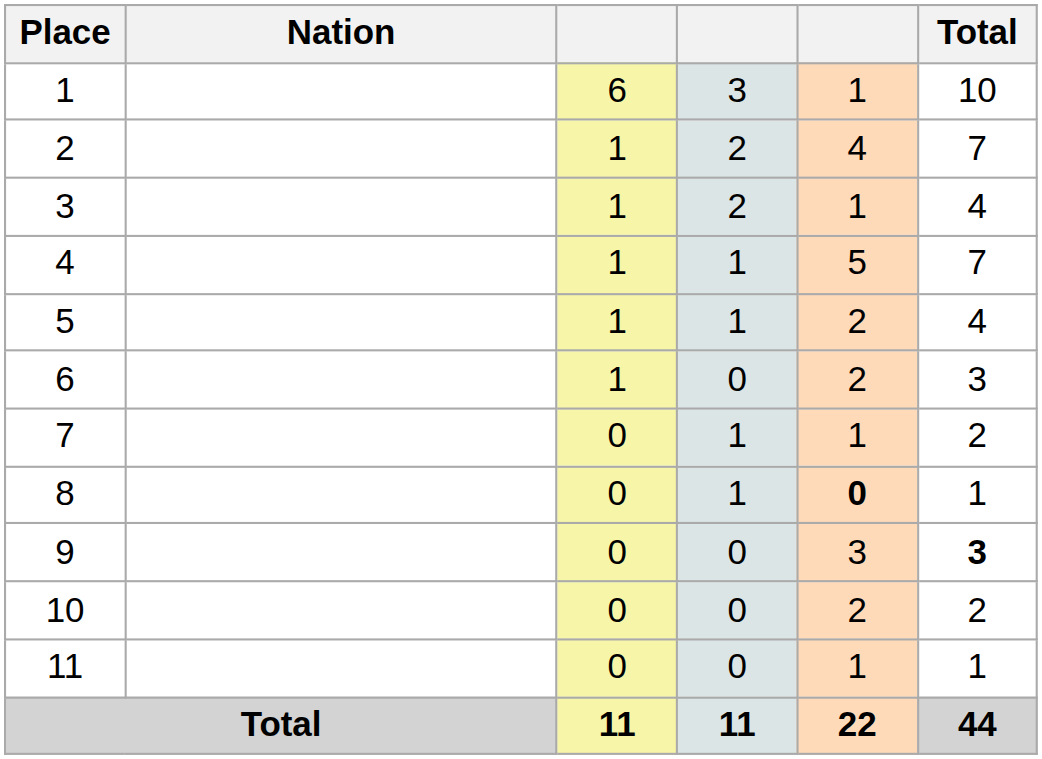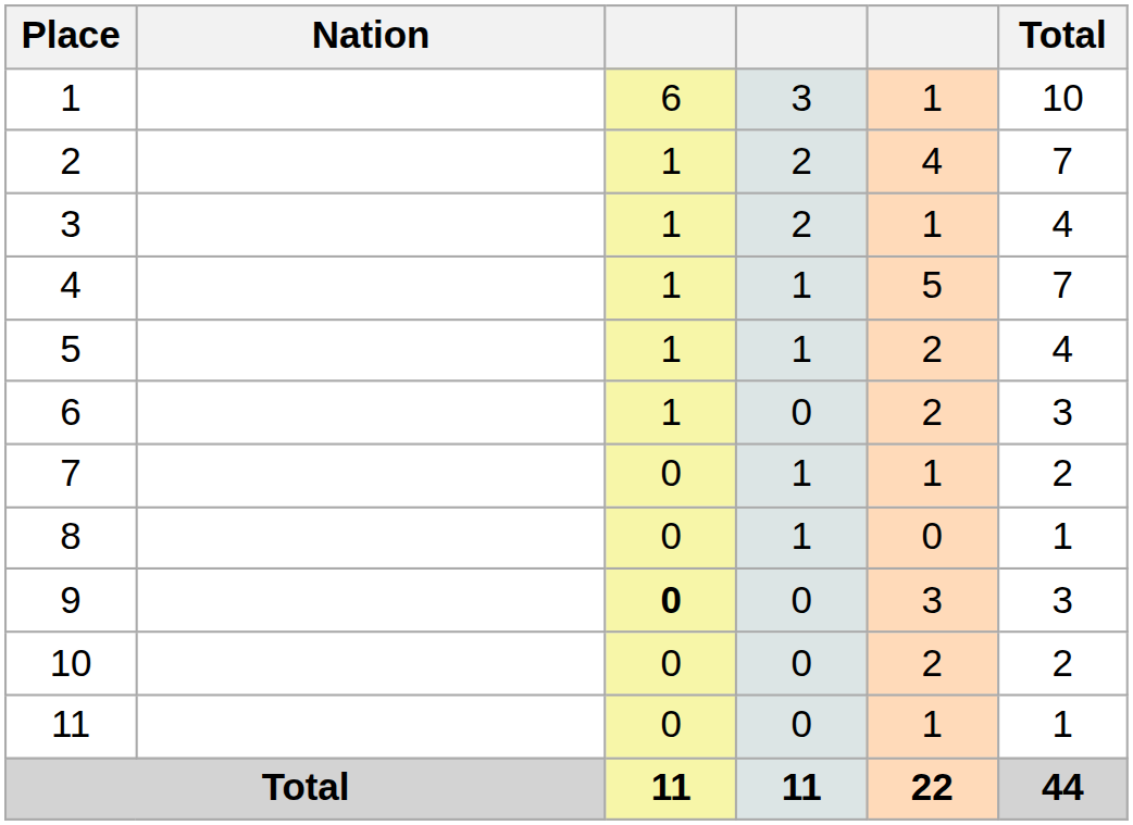 <table class=wikitable style="border:1px solid #AAAAAA;font-size:105%">
 <tr bgcolor="#EFEFEF">
 <th width=50>Place</th>
 <th width=200>Nation</th>
 <th width=50></th>
 <th width=50></th>
 <th width=50></th>
 <th width=50>Total</th>
 </tr>
 <tr align="center" valign="top" bgcolor="#FFFFFF">
 <td>1</td>
 <td align="left"></td>
 <td style="background:#F7F6A8;">6</td>
 <td style="background:#DCE5E5;">3</td>
 <td style="background:#FFDAB9;">1</td>
 <td>10</td>
 </tr>
 <tr align="center" valign="top" bgcolor="#FFFFFF">
 <td>2</td>
 <td align="left"></td>
 <td style="background:#F7F6A8;">1</td>
 <td style="background:#DCE5E5;">2</td>
 <td style="background:#FFDAB9;">4</td>
 <td>7</td>
 </tr>
 <tr align="center" valign="top" bgcolor="#FFFFFF">
 <td>3</td>
 <td align="left"></td>
 <td style="background:#F7F6A8;">1</td>
 <td style="background:#DCE5E5;">2</td>
 <td style="background:#FFDAB9;">1</td>
 <td>4</td>
 </tr>
 <tr align="center" valign="top" bgcolor="#FFFFFF">
 <td>4</td>
 <td align="left"></td>
 <td style="background:#F7F6A8;">1</td>
 <td style="background:#DCE5E5;">1</td>
 <td style="background:#FFDAB9;">5</td>
 <td>7</td>
 </tr>
 <tr align="center" valign="top" bgcolor="#FFFFFF">
 <td>5</td>
 <td align="left"></td>
 <td style="background:#F7F6A8;">1</td>
 <td style="background:#DCE5E5;">1</td>
 <td style="background:#FFDAB9;">2</td>
 <td>4</td>
 </tr>
 <tr align="center" valign="top" bgcolor="#FFFFFF">
 <td>6</td>
 <td align="left"></td>
 <td style="background:#F7F6A8;">1</td>
 <td style="background:#DCE5E5;">0</td>
 <td style="background:#FFDAB9;">2</td>
 <td>3</td>
 </tr>
 <tr align="center" valign="top" bgcolor="#FFFFFF">
 <td>7</td>
 <td align="left"></td>
 <td style="background:#F7F6A8;">0</td>
 <td style="background:#DCE5E5;">1</td>
 <td style="background:#FFDAB9;">1</td>
 <td>2</td>
 </tr>
 <tr align="center" valign="top" bgcolor="#FFFFFF">
 <td>8</td>
 <td align="left"></td>
 <td style="background:#F7F6A8;">0</td>
 <td style="background:#DCE5E5;">1</td>
-<td style="background:#FFDAB9;"><strong>0</strong></td>
+<td style="background:#FFDAB9;">0</td>
 <td>1</td>
 </tr>
 <tr align="center" valign="top" bgcolor="#FFFFFF">
 <td>9</td>
 <td align="left"></td>
-<td style="background:#F7F6A8;">0</td>
+<td style="background:#F7F6A8;"><strong>0</strong></td>
 <td style="background:#DCE5E5;">0</td>
 <td style="background:#FFDAB9;">3</td>
-<td><strong>3</strong></td>
+<td>3</td>
 </tr>
 <tr align="center" valign="top" bgcolor="#FFFFFF">
 <td>10</td>
 <td align="left"></td>
 <td style="background:#F7F6A8;">0</td>
 <td style="background:#DCE5E5;">0</td>
 <td style="background:#FFDAB9;">2</td>
 <td>2</td>
 </tr>
 <tr align="center" valign="top" bgcolor="#FFFFFF">
 <td>11</td>
 <td align="left"></td>
 <td style="background:#F7F6A8;">0</td>
 <td style="background:#DCE5E5;">0</td>
 <td style="background:#FFDAB9;">1</td>
 <td>1</td>
 </tr>
 <tr align="center">
 <td colspan=2 bgcolor=D3D3D3><strong>Total</strong></td>
 <td style="background:#F7F6A8;"><strong>11</strong></td>
 <td style="background:#DCE5E5;"><strong>11</strong></td>
 <td style="background:#FFDAB9;"><strong>22</strong></td>
 <td bgcolor=D3D3D3><strong>44</strong></td>
 </tr>
 </table>
